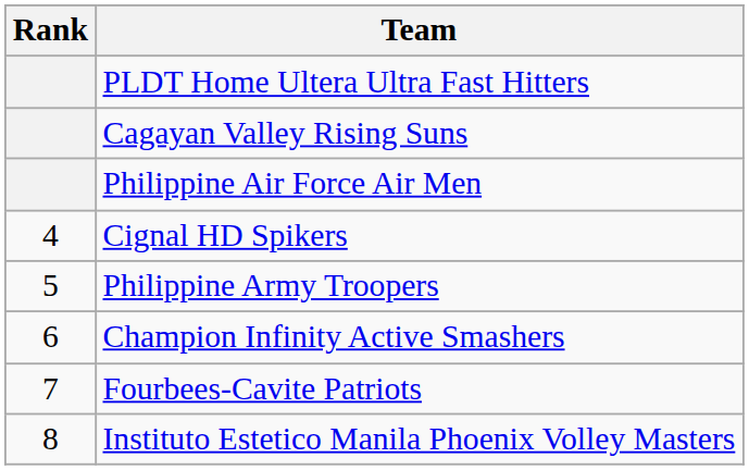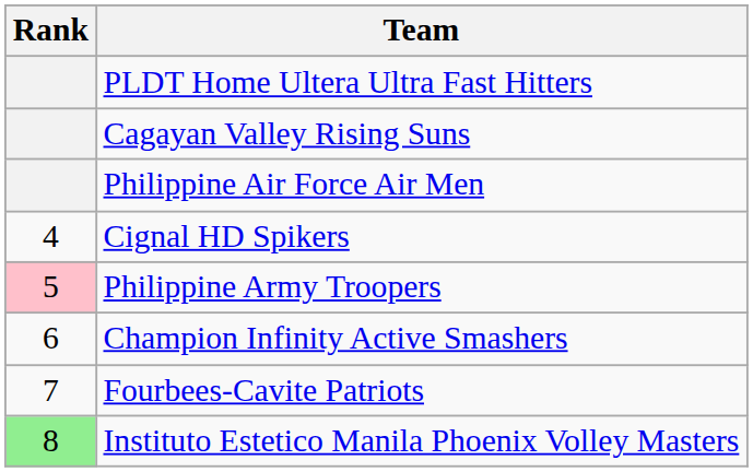 <table class="wikitable" style="text-align: center;">
 <tr>
 <th>Rank</th>
 <th>Team</th>
 </tr>
 <tr>
 <th></th>
 <td style="text-align:left;"><a href='#'>PLDT Home Ultera Ultra Fast Hitters</a></td>
 </tr>
 <tr>
 <th></th>
 <td style="text-align:left;"><a href='#'>Cagayan Valley Rising Suns</a></td>
 </tr>
 <tr>
 <th></th>
 <td style="text-align:left;"><a href='#'>Philippine Air Force Air Men</a></td>
 </tr>
 <tr>
 <td>4</td>
 <td style="text-align:left;"><a href='#'>Cignal HD Spikers</a></td>
 </tr>
 <tr>
-<td>5</td>
+<td style="background: pink;">5</td>
 <td style="text-align:left;"><a href='#'>Philippine Army Troopers</a></td>
 </tr>
 <tr>
 <td>6</td>
 <td style="text-align:left;"><a href='#'>Champion Infinity Active Smashers</a></td>
 </tr>
 <tr>
 <td>7</td>
 <td style="text-align:left;"><a href='#'>Fourbees-Cavite Patriots</a></td>
 </tr>
 <tr>
-<td>8</td>
+<td style="background: lightgreen;">8</td>
 <td style="text-align:left;"><a href='#'>Instituto Estetico Manila Phoenix Volley Masters</a></td>
 </tr>
 </table>
